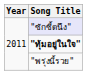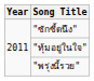 <table class="wikitable sortable plainrowheaders">
 <tr>
 <th scope="col">Year</th>
 <th scope="col">Song Title</th>
 </tr>
 <tr>
 <td rowspan="3">2011</td>
-<td style="background: lavender;">"ซักซี้ดนึง"</td>
+<td>"ซักซี้ดนึง"</td>
 </tr>
 <tr>
-<td><strong>"ทุ้มอยู่ในใจ"</strong></td>
+<td>"ทุ้มอยู่ในใจ"</td>
 </tr>
 <tr>
 <td>"พรุ่งนี้รวย"</td>
 </tr>
 </table>
